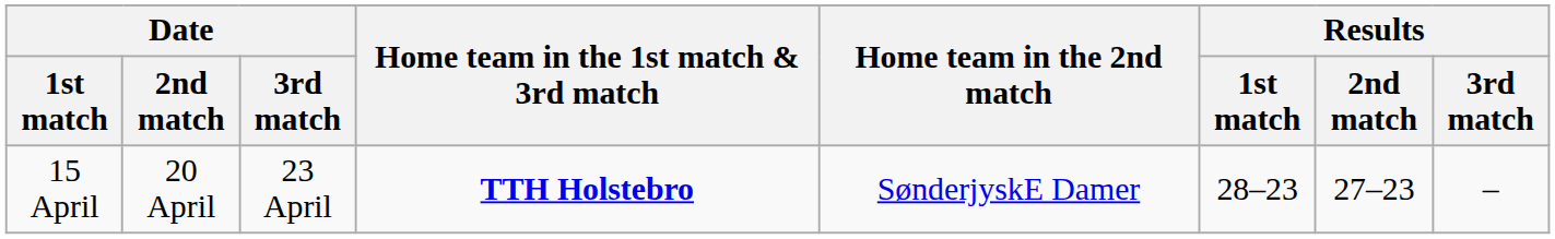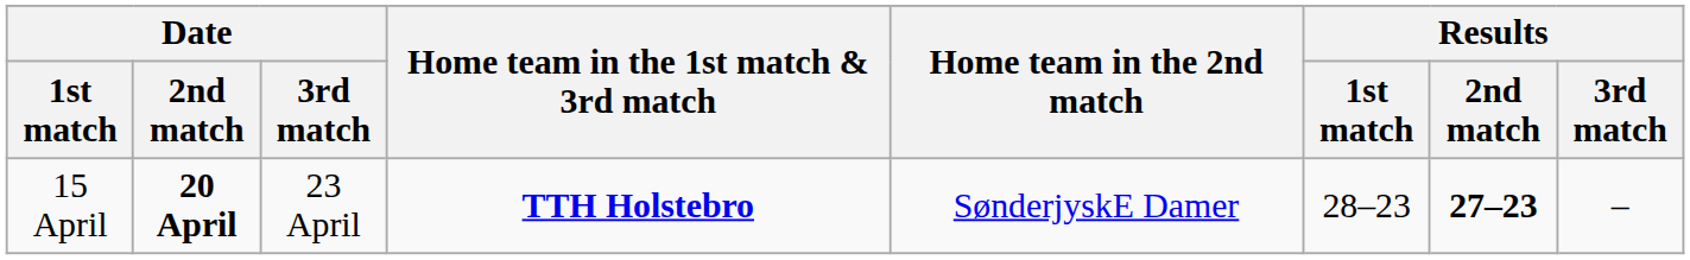 <table class="wikitable" style="text-align:center; margin-left:1em;">
 <tr>
 <th colspan="3">Date</th>
 <th rowspan="2" style="width:220px;">Home team in the 1st match & 3rd match</th>
 <th rowspan="2" style="width:180px;">Home team in the 2nd match</th>
 <th colspan="3">Results</th>
 </tr>
 <tr>
 <th style="width:50px;">1st match</th>
 <th style="width:50px;">2nd match</th>
 <th style="width:50px;">3rd match</th>
 <th style="width:50px;">1st match</th>
 <th style="width:50px;">2nd match</th>
 <th style="width:50px;">3rd match</th>
 </tr>
 <tr>
 <td>15 April</td>
-<td>20 April</td>
+<td><strong>20 April</strong></td>
 <td>23 April</td>
 <td><strong><a href='#'>TTH Holstebro</a></strong></td>
 <td><a href='#'>SønderjyskE Damer</a></td>
 <td>28–23</td>
-<td>27–23</td>
+<td><strong>27–23</strong></td>
 <td>–</td>
 </tr>
 </table>
